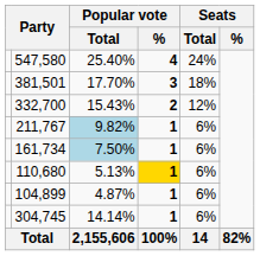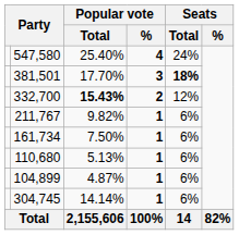 <table class=wikitable style="text-align:right;">
 <tr>
 <th rowspan=2 colspan=2>Party</th>
 <th colspan=2>Popular vote</th>
 <th colspan=2>Seats</th>
 </tr>
 <tr>
 <th>Total</th>
 <th>%</th>
 <th>Total</th>
 <th>%</th>
 </tr>
 <tr>
 <td></td>
 <td>547,580</td>
 <td>25.40%</td>
 <td><strong>4</strong></td>
 <td>24%</td>
 </tr>
 <tr>
 <td></td>
 <td>381,501</td>
 <td>17.70%</td>
 <td><strong>3</strong></td>
-<td>18%</td>
+<td><strong>18%</strong></td>
 </tr>
 <tr>
 <td></td>
 <td>332,700</td>
-<td>15.43%</td>
+<td><strong>15.43%</strong></td>
 <td><strong>2</strong></td>
 <td>12%</td>
 </tr>
 <tr>
 <td></td>
 <td>211,767</td>
-<td style="background: lightblue;">9.82%</td>
+<td>9.82%</td>
 <td><strong>1</strong></td>
 <td>6%</td>
 </tr>
 <tr>
 <td></td>
 <td>161,734</td>
-<td style="background: lightblue;">7.50%</td>
+<td>7.50%</td>
 <td><strong>1</strong></td>
 <td>6%</td>
 </tr>
 <tr>
 <td></td>
 <td>110,680</td>
 <td>5.13%</td>
-<td style="background: gold;"><strong>1</strong></td>
+<td><strong>1</strong></td>
 <td>6%</td>
 </tr>
 <tr>
 <td></td>
 <td>104,899</td>
 <td>4.87%</td>
 <td><strong>1</strong></td>
 <td>6%</td>
 </tr>
 <tr>
 <td></td>
 <td>304,745</td>
 <td>14.14%</td>
 <td><strong>1</strong></td>
 <td>6%</td>
 </tr>
 <tr>
 <th colspan=2>Total</th>
 <th>2,155,606</th>
 <th>100%</th>
 <th>14</th>
 <th>82%</th>
 </tr>
 </table>
